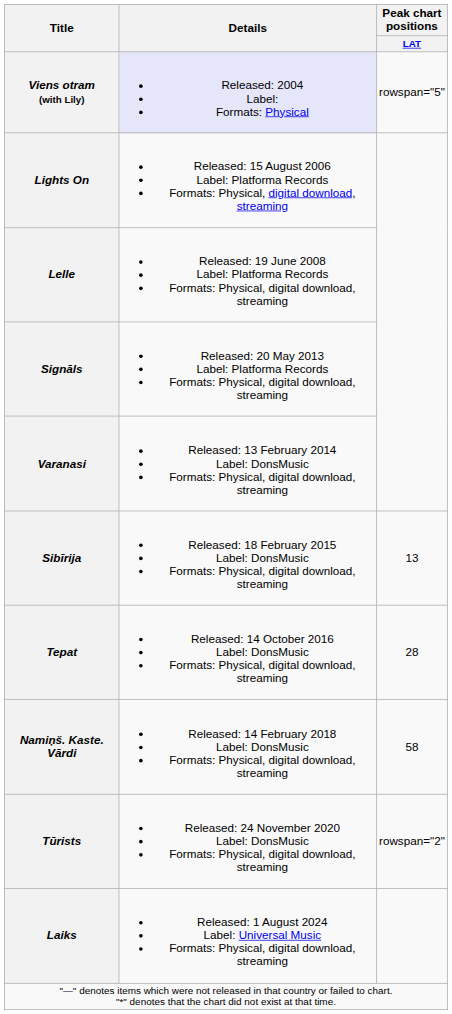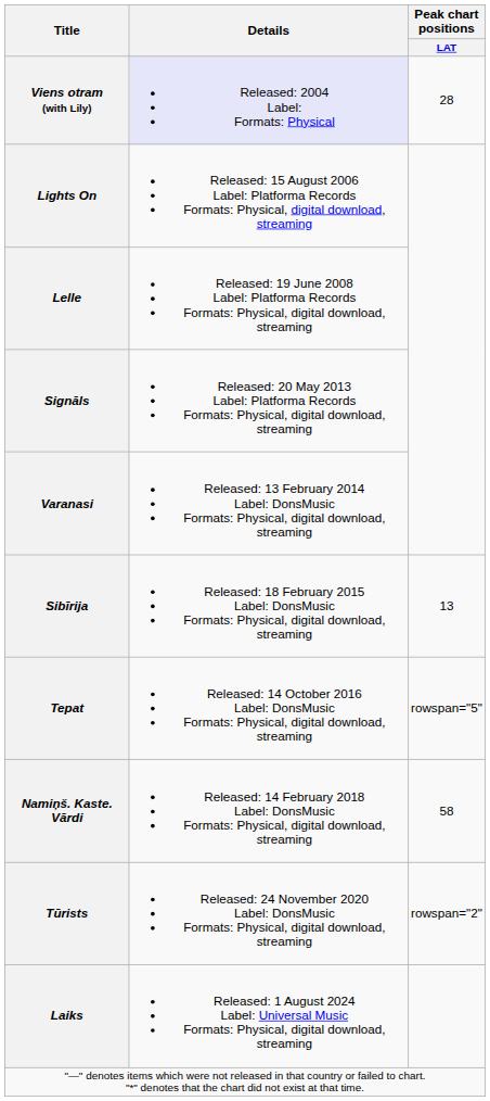 <table class="wikitable plainrowheaders" style="text-align:center;" border="1">
 <tr>
 <th scope="col" rowspan="2">Title</th>
 <th scope="col" rowspan="2">Details</th>
 <th scope="col" colspan="1">Peak chart positions</th>
 </tr>
 <tr>
 <th scope="col" style="width:3em;font-size:85%;"><a href='#'>LAT</a><br></th>
 </tr>
 <tr>
 <th scope="row"><em>Viens otram</em><br><small>(with Lily)</small></th>
 <td style="background: lavender;"><br><ul><li>Released: 2004</li><li>Label: </li><li>Formats: <a href='#'>Physical</a></li></ul></td>
-<td>rowspan="5" </td>
+<td>28</td>
 </tr>
 <tr>
 <th scope="row"><em>Lights On</em></th>
 <td><br><ul><li>Released: 15 August 2006</li><li>Label: Platforma Records</li><li>Formats: Physical, <a href='#'>digital download</a>, <a href='#'>streaming</a></li></ul></td>
 </tr>
 <tr>
 <th scope="row"><em>Lelle</em></th>
 <td><br><ul><li>Released: 19 June 2008</li><li>Label: Platforma Records</li><li>Formats: Physical, digital download, streaming</li></ul></td>
 </tr>
 <tr>
 <th scope="row"><em>Signāls</em></th>
 <td><br><ul><li>Released: 20 May 2013</li><li>Label: Platforma Records</li><li>Formats: Physical, digital download, streaming</li></ul></td>
 </tr>
 <tr>
 <th scope="row"><em>Varanasi</em></th>
 <td><br><ul><li>Released: 13 February 2014</li><li>Label: DonsMusic</li><li>Formats: Physical, digital download, streaming</li></ul></td>
 </tr>
 <tr>
 <th scope="row"><em>Sibīrija</em></th>
 <td><br><ul><li>Released: 18 February 2015</li><li>Label: DonsMusic</li><li>Formats: Physical, digital download, streaming</li></ul></td>
 <td>13</td>
 </tr>
 <tr>
 <th scope="row"><em>Tepat</em></th>
 <td><br><ul><li>Released: 14 October 2016</li><li>Label: DonsMusic</li><li>Formats: Physical, digital download, streaming</li></ul></td>
-<td>28</td>
+<td>rowspan="5" </td>
 </tr>
 <tr>
 <th scope="row"><em>Namiņš. Kaste. Vārdi</em></th>
 <td><br><ul><li>Released: 14 February 2018</li><li>Label: DonsMusic</li><li>Formats: Physical, digital download, streaming</li></ul></td>
 <td>58</td>
 </tr>
 <tr>
 <th scope="row"><em>Tūrists</em></th>
 <td><br><ul><li>Released: 24 November 2020</li><li>Label: DonsMusic</li><li>Formats: Physical, digital download, streaming</li></ul></td>
 <td>rowspan="2" </td>
 </tr>
 <tr>
 <th scope="row"><em>Laiks</em></th>
 <td><br><ul><li>Released: 1 August 2024</li><li>Label: <a href='#'>Universal Music</a></li><li>Formats: Physical, digital download, streaming</li></ul></td>
 </tr>
 <tr>
 <td colspan="4" style="font-size:85%;">"—" denotes items which were not released in that country or failed to chart.<br>"*" denotes that the chart did not exist at that time.</td>
 </tr>
 </table>
